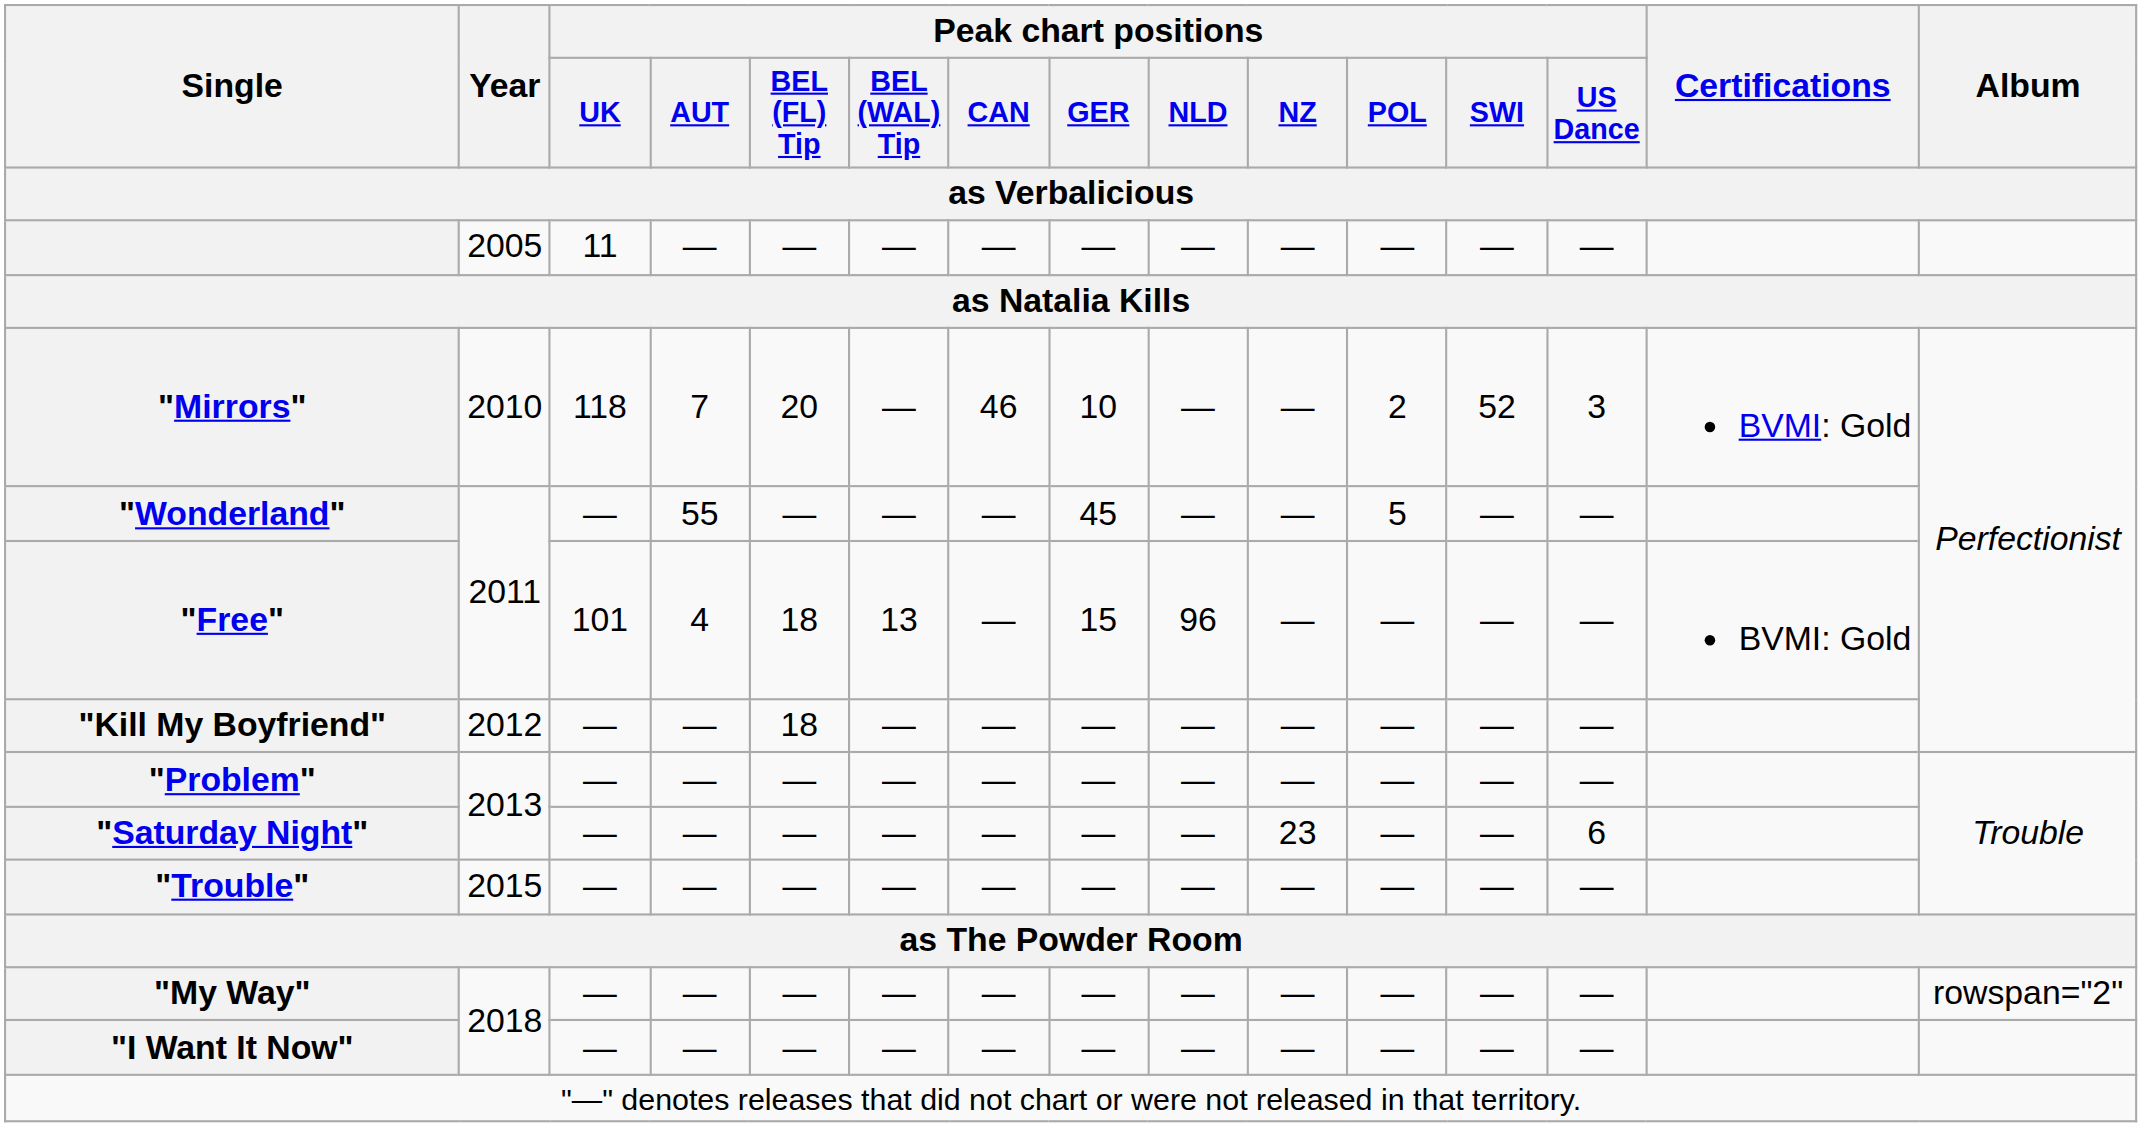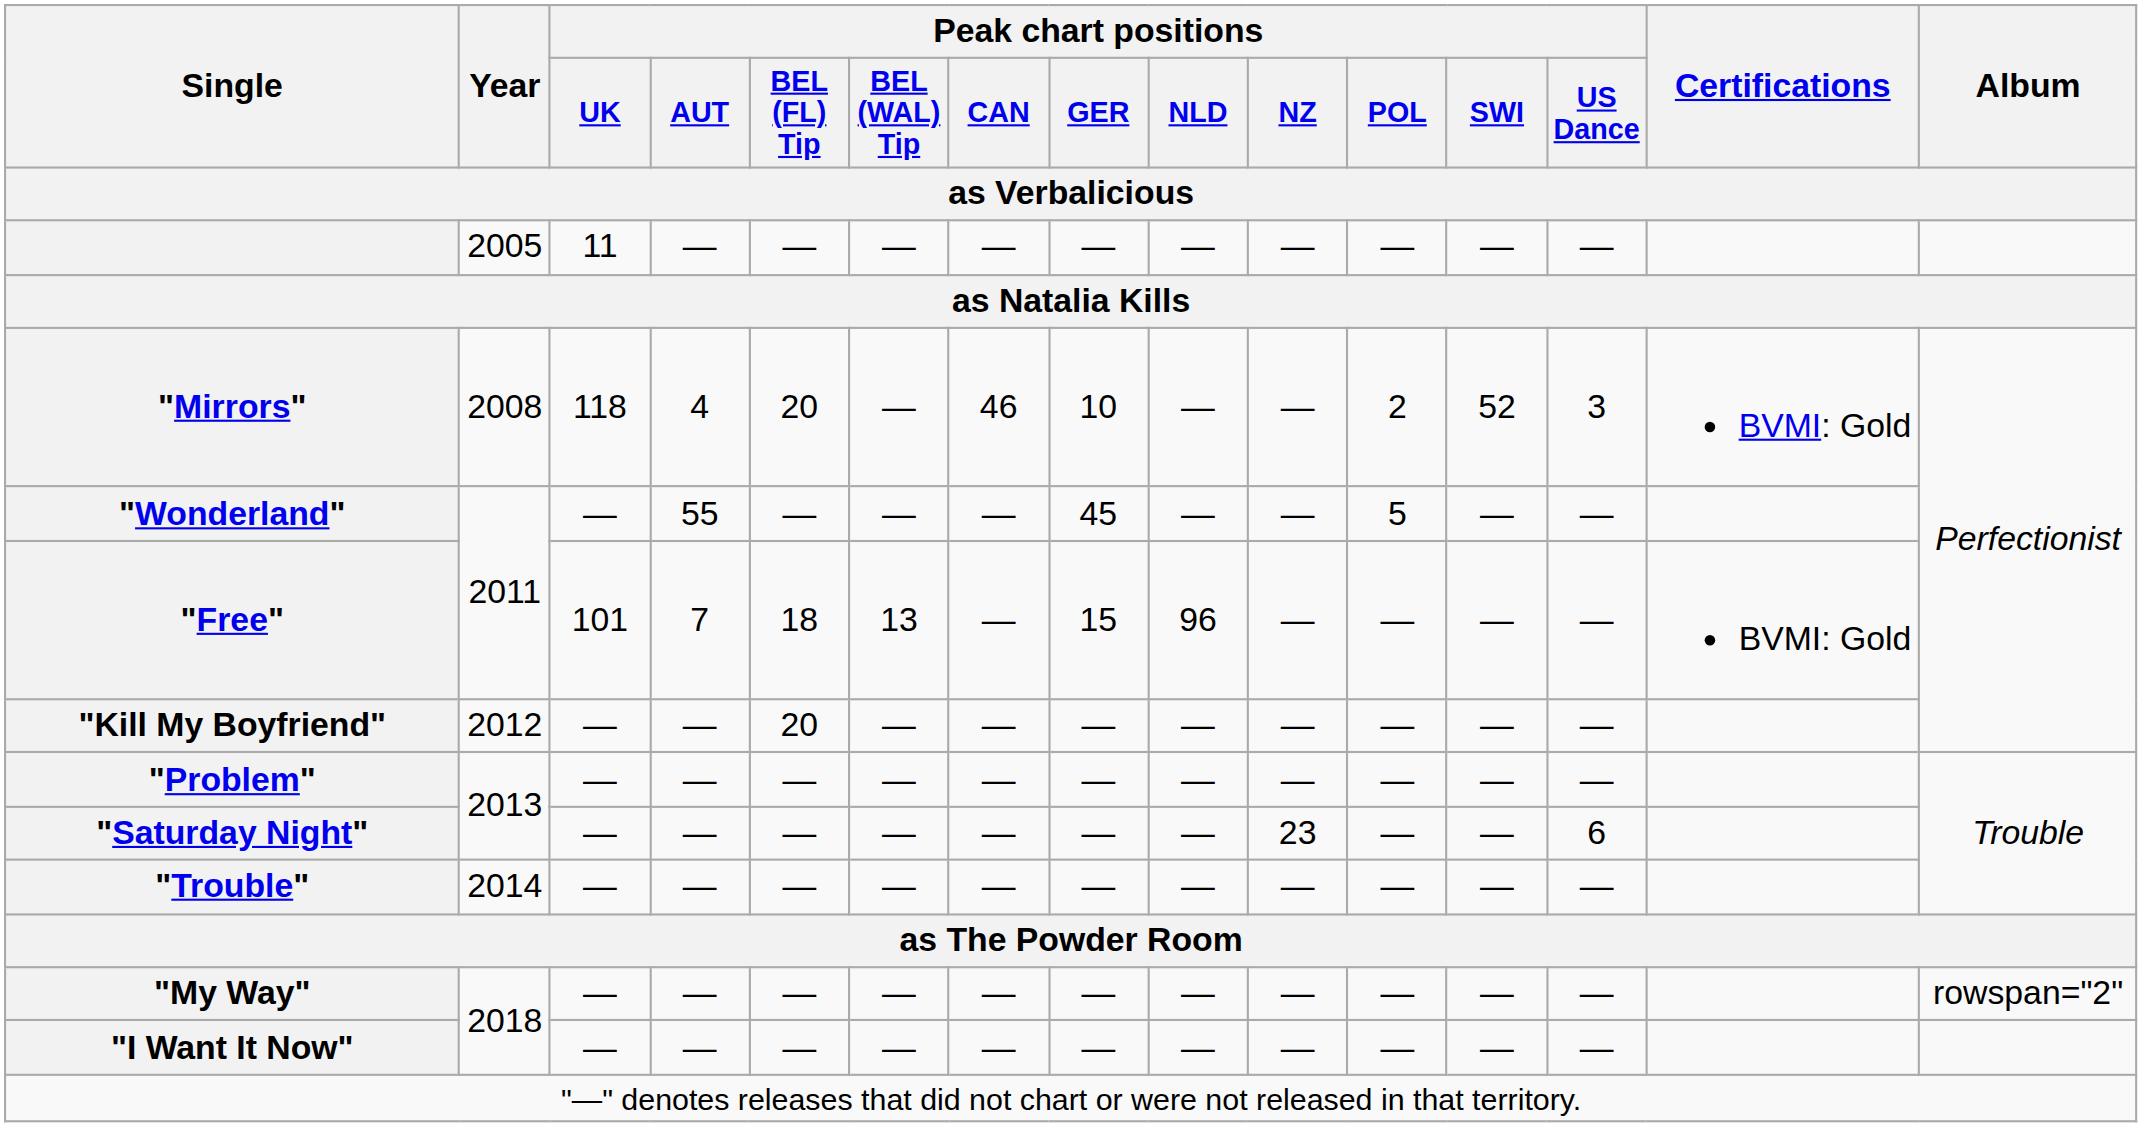 <table class="wikitable plainrowheaders" style="text-align:center;">
 <tr>
 <th rowspan="2" style="width:13em;">Single</th>
 <th rowspan="2">Year</th>
 <th colspan="11">Peak chart positions</th>
 <th scope="col" rowspan="2"><a href='#'>Certifications</a></th>
 <th rowspan="2" style="width:6em;">Album</th>
 </tr>
 <tr>
 <th scope="col" style="width:3em;font-size:85%;"><a href='#'>UK</a><br></th>
 <th scope="col" style="width:3em;font-size:85%;"><a href='#'>AUT</a><br></th>
 <th scope="col" style="width:3em;font-size:85%;"><a href='#'>BEL<br>(FL)<br>Tip</a><br></th>
 <th scope="col" style="width:3em;font-size:85%;"><a href='#'>BEL<br>(WAL)<br>Tip</a><br></th>
 <th scope="col" style="width:3em;font-size:85%;"><a href='#'>CAN</a><br></th>
 <th scope="col" style="width:3em;font-size:85%;"><a href='#'>GER</a><br></th>
 <th scope="col" style="width:3em;font-size:85%;"><a href='#'>NLD</a><br></th>
 <th scope="col" style="width:3em;font-size:85%;"><a href='#'>NZ</a><br></th>
 <th scope="col" style="width:3em;font-size:85%;"><a href='#'>POL</a><br></th>
 <th scope="col" style="width:3em;font-size:85%;"><a href='#'>SWI</a><br></th>
 <th scope="col" style="width:3em;font-size:85%;"><a href='#'>US Dance</a><br></th>
 </tr>
 <tr>
 <th colspan="15">as Verbalicious</th>
 </tr>
 <tr>
 <th scope="row"></th>
 <td>2005</td>
 <td>11</td>
 <td>—</td>
 <td>—</td>
 <td>—</td>
 <td>—</td>
 <td>—</td>
 <td>—</td>
 <td>—</td>
 <td>—</td>
 <td>—</td>
 <td>—</td>
 <td></td>
 <td></td>
 </tr>
 <tr>
 <th colspan="15">as Natalia Kills</th>
 </tr>
 <tr>
 <th scope="row">"<a href='#'>Mirrors</a>"</th>
-<td>2010</td>
+<td>2008</td>
 <td>118</td>
-<td>7</td>
+<td>4</td>
 <td>20</td>
 <td>—</td>
 <td>46</td>
 <td>10</td>
 <td>—</td>
 <td>—</td>
 <td>2</td>
 <td>52</td>
 <td>3</td>
 <td><br><ul><li><a href='#'>BVMI</a>: Gold</li></ul></td>
 <td rowspan="4"><em>Perfectionist</em></td>
 </tr>
 <tr>
 <th scope="row">"<a href='#'>Wonderland</a>"</th>
 <td rowspan="2">2011</td>
 <td>—</td>
 <td>55</td>
 <td>—</td>
 <td>—</td>
 <td>—</td>
 <td>45</td>
 <td>—</td>
 <td>—</td>
 <td>5</td>
 <td>—</td>
 <td>—</td>
 <td></td>
 </tr>
 <tr>
 <th scope="row">"<a href='#'>Free</a>"<br></th>
 <td>101</td>
-<td>4</td>
+<td>7</td>
 <td>18</td>
 <td>13</td>
 <td>—</td>
 <td>15</td>
 <td>96</td>
 <td>—</td>
 <td>—</td>
 <td>—</td>
 <td>—</td>
 <td><br><ul><li>BVMI: Gold</li></ul></td>
 </tr>
 <tr>
 <th scope="row">"Kill My Boyfriend"</th>
 <td>2012</td>
 <td>—</td>
 <td>—</td>
-<td>18</td>
+<td>20</td>
 <td>—</td>
 <td>—</td>
 <td>—</td>
 <td>—</td>
 <td>—</td>
 <td>—</td>
 <td>—</td>
 <td>—</td>
 <td></td>
 </tr>
 <tr>
 <th scope="row">"<a href='#'>Problem</a>"</th>
 <td rowspan="2">2013</td>
 <td>—</td>
 <td>—</td>
 <td>—</td>
 <td>—</td>
 <td>—</td>
 <td>—</td>
 <td>—</td>
 <td>—</td>
 <td>—</td>
 <td>—</td>
 <td>—</td>
 <td></td>
 <td rowspan="3"><em>Trouble</em></td>
 </tr>
 <tr>
 <th scope="row">"<a href='#'>Saturday Night</a>"</th>
 <td>—</td>
 <td>—</td>
 <td>—</td>
 <td>—</td>
 <td>—</td>
 <td>—</td>
 <td>—</td>
 <td>23</td>
 <td>—</td>
 <td>—</td>
 <td>6</td>
 <td></td>
 </tr>
 <tr>
 <th scope="row">"<a href='#'>Trouble</a>"<br></th>
-<td>2015</td>
+<td>2014</td>
 <td>—</td>
 <td>—</td>
 <td>—</td>
 <td>—</td>
 <td>—</td>
 <td>—</td>
 <td>—</td>
 <td>—</td>
 <td>—</td>
 <td>—</td>
 <td>—</td>
 <td></td>
 </tr>
 <tr>
 <th colspan="15">as The Powder Room</th>
 </tr>
 <tr>
 <th scope="row">"My Way"</th>
 <td rowspan="2">2018</td>
 <td>—</td>
 <td>—</td>
 <td>—</td>
 <td>—</td>
 <td>—</td>
 <td>—</td>
 <td>—</td>
 <td>—</td>
 <td>—</td>
 <td>—</td>
 <td>—</td>
 <td></td>
 <td>rowspan="2" </td>
 </tr>
 <tr>
 <th scope="row">"I Want It Now"</th>
 <td>—</td>
 <td>—</td>
 <td>—</td>
 <td>—</td>
 <td>—</td>
 <td>—</td>
 <td>—</td>
 <td>—</td>
 <td>—</td>
 <td>—</td>
 <td>—</td>
 <td></td>
 </tr>
 <tr>
 <td colspan="15" style="font-size:90%">"—" denotes releases that did not chart or were not released in that territory.</td>
 </tr>
 </table>
